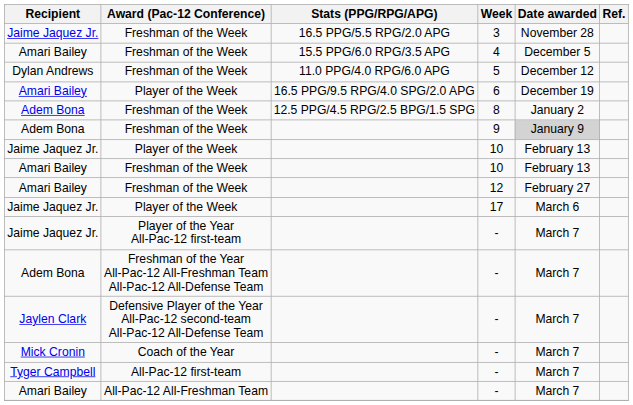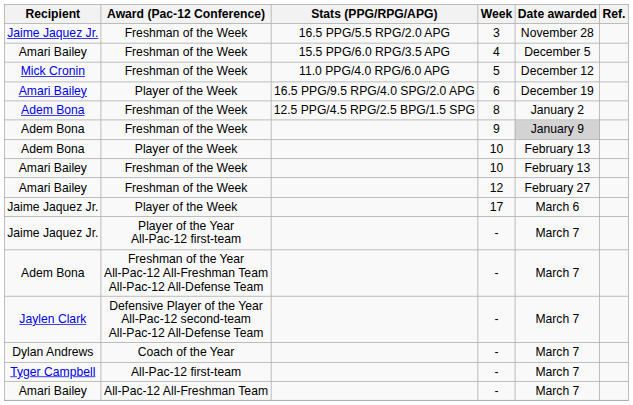 <table class="wikitable sortable" style="text-align:center">
 <tr>
 <th>Recipient</th>
 <th>Award (Pac-12 Conference)</th>
 <th>Stats (PPG/RPG/APG)</th>
 <th>Week</th>
 <th>Date awarded</th>
 <th>Ref.</th>
 </tr>
 <tr>
 <td><a href='#'>Jaime Jaquez Jr.</a></td>
 <td>Freshman of the Week</td>
 <td>16.5 PPG/5.5 RPG/2.0 APG</td>
 <td>3</td>
 <td>November 28</td>
 <td></td>
 </tr>
 <tr>
 <td>Amari Bailey</td>
 <td>Freshman of the Week</td>
 <td>15.5 PPG/6.0 RPG/3.5 APG</td>
 <td>4</td>
 <td>December 5</td>
 <td></td>
 </tr>
 <tr>
-<td>Dylan Andrews</td>
+<td><a href='#'>Mick Cronin</a></td>
 <td>Freshman of the Week</td>
 <td>11.0 PPG/4.0 RPG/6.0 APG</td>
 <td>5</td>
 <td>December 12</td>
 <td></td>
 </tr>
 <tr>
 <td><a href='#'>Amari Bailey</a></td>
 <td>Player of the Week</td>
 <td>16.5 PPG/9.5 RPG/4.0 SPG/2.0 APG</td>
 <td>6</td>
 <td>December 19</td>
 <td></td>
 </tr>
 <tr>
 <td><a href='#'>Adem Bona</a></td>
 <td>Freshman of the Week</td>
 <td>12.5 PPG/4.5 RPG/2.5 BPG/1.5 SPG</td>
 <td>8</td>
 <td>January 2</td>
 <td></td>
 </tr>
 <tr>
 <td>Adem Bona</td>
 <td>Freshman of the Week</td>
 <td></td>
 <td>9</td>
 <td style="background: lightgrey;">January 9</td>
 <td></td>
 </tr>
 <tr>
-<td>Jaime Jaquez Jr.</td>
+<td>Adem Bona</td>
 <td>Player of the Week</td>
 <td></td>
 <td>10</td>
 <td>February 13</td>
 <td></td>
 </tr>
 <tr>
 <td>Amari Bailey</td>
 <td>Freshman of the Week</td>
 <td></td>
 <td>10</td>
 <td>February 13</td>
 <td></td>
 </tr>
 <tr>
 <td>Amari Bailey</td>
 <td>Freshman of the Week</td>
 <td></td>
 <td>12</td>
 <td>February 27</td>
 <td></td>
 </tr>
 <tr>
 <td>Jaime Jaquez Jr.</td>
 <td>Player of the Week</td>
 <td></td>
 <td>17</td>
 <td>March 6</td>
 <td></td>
 </tr>
 <tr>
 <td>Jaime Jaquez Jr.</td>
 <td>Player of the Year<br>All-Pac-12 first-team</td>
 <td></td>
 <td>-</td>
 <td>March 7</td>
 <td></td>
 </tr>
 <tr>
 <td>Adem Bona</td>
 <td>Freshman of the Year<br>All-Pac-12 All-Freshman Team<br>All-Pac-12 All-Defense Team</td>
 <td></td>
 <td>-</td>
 <td>March 7</td>
 <td></td>
 </tr>
 <tr>
 <td><a href='#'>Jaylen Clark</a></td>
 <td>Defensive Player of the Year<br>All-Pac-12 second-team<br>All-Pac-12 All-Defense Team</td>
 <td></td>
 <td>-</td>
 <td>March 7</td>
 <td></td>
 </tr>
 <tr>
-<td><a href='#'>Mick Cronin</a></td>
+<td>Dylan Andrews</td>
 <td>Coach of the Year</td>
 <td></td>
 <td>-</td>
 <td>March 7</td>
 <td></td>
 </tr>
 <tr>
 <td><a href='#'>Tyger Campbell</a></td>
 <td>All-Pac-12 first-team</td>
 <td></td>
 <td>-</td>
 <td>March 7</td>
 <td></td>
 </tr>
 <tr>
 <td>Amari Bailey</td>
 <td>All-Pac-12 All-Freshman Team</td>
 <td></td>
 <td>-</td>
 <td>March 7</td>
 <td></td>
 </tr>
 <tr>
 </tr>
 </table>
